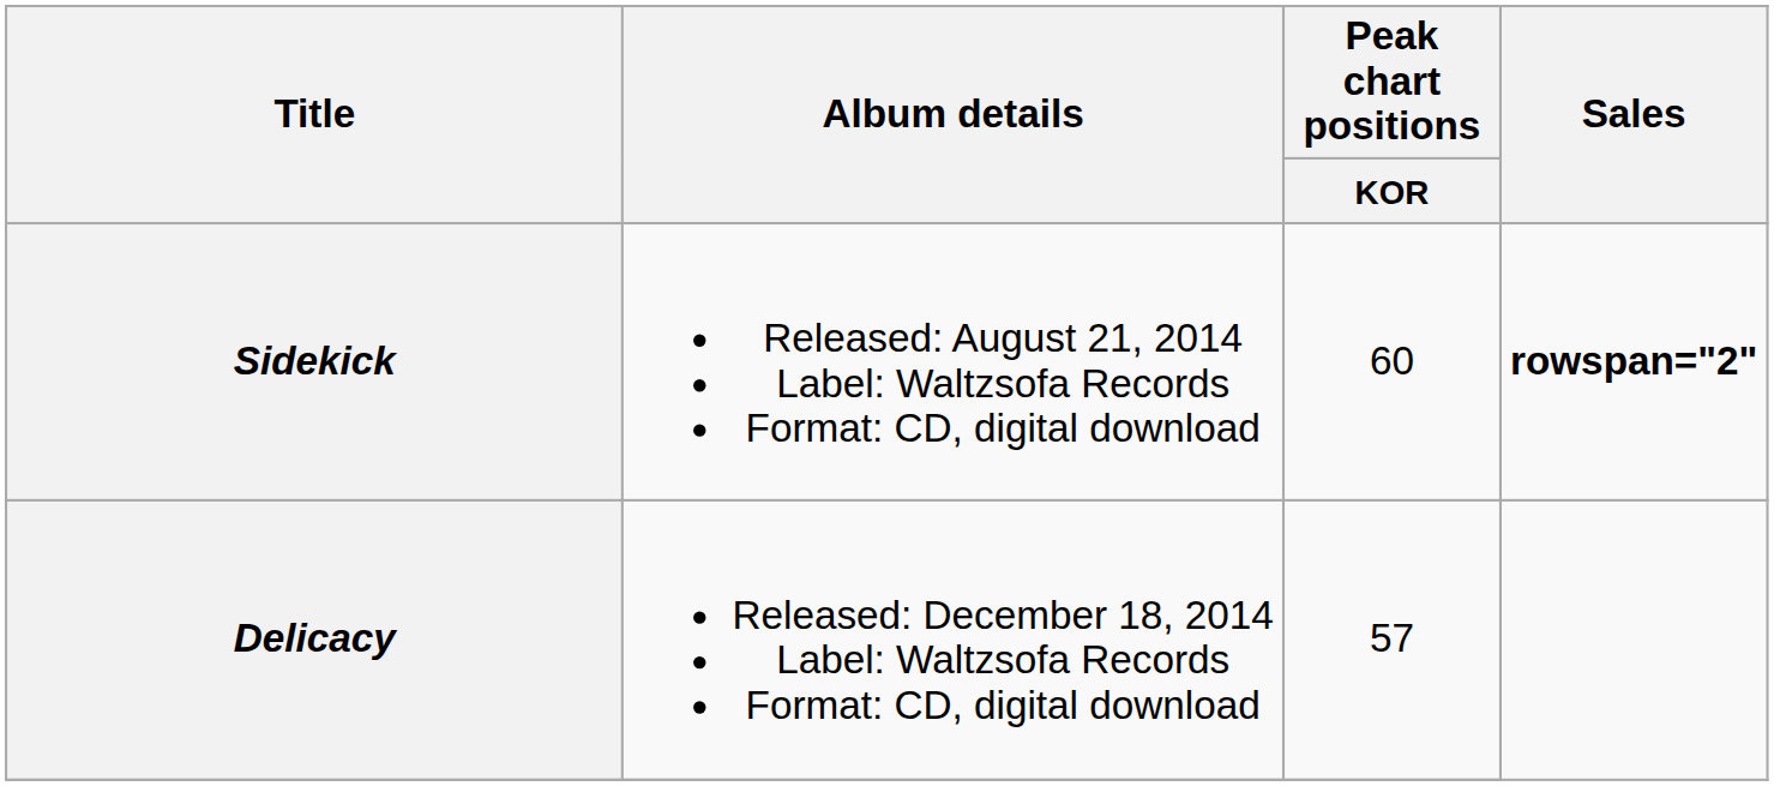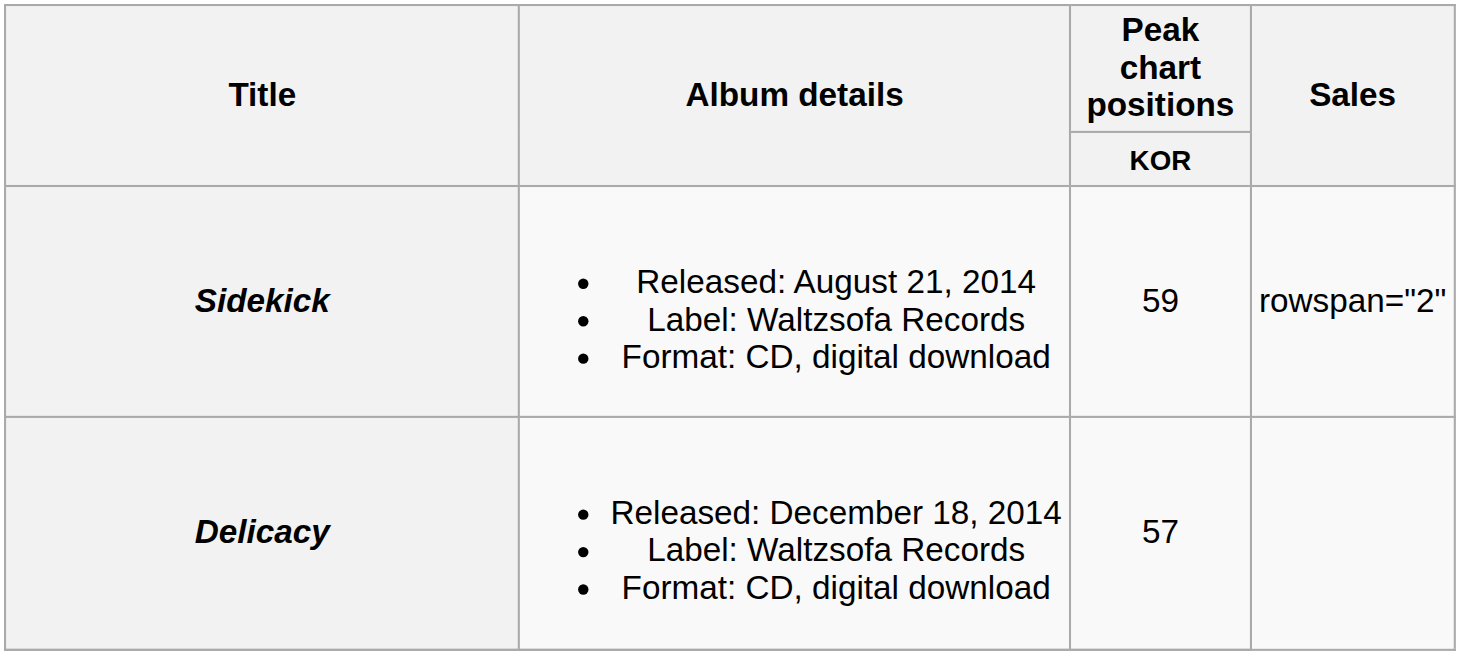 <table class="wikitable plainrowheaders" style="text-align:center;">
 <tr>
 <th rowspan="2" scope="col" style="width:15em;">Title</th>
 <th rowspan="2" scope="col">Album details</th>
 <th colspan="1" scope="col" style="width:5em;">Peak chart positions</th>
 <th rowspan="2" scope="col">Sales</th>
 </tr>
 <tr>
 <th><small>KOR</small><br></th>
 </tr>
 <tr>
 <th scope="row"><em>Sidekick</em></th>
 <td><br><ul><li>Released: August 21, 2014</li><li>Label: Waltzsofa Records</li><li>Format: CD, digital download</li></ul></td>
-<td>60</td>
-<td><strong>rowspan="2" </strong></td>
+<td>59</td>
+<td>rowspan="2" </td>
 </tr>
 <tr>
 <th scope="row"><em>Delicacy</em></th>
 <td><br><ul><li>Released: December 18, 2014</li><li>Label: Waltzsofa Records</li><li>Format: CD, digital download</li></ul></td>
 <td>57</td>
 </tr>
 <tr>
 </tr>
 </table>
